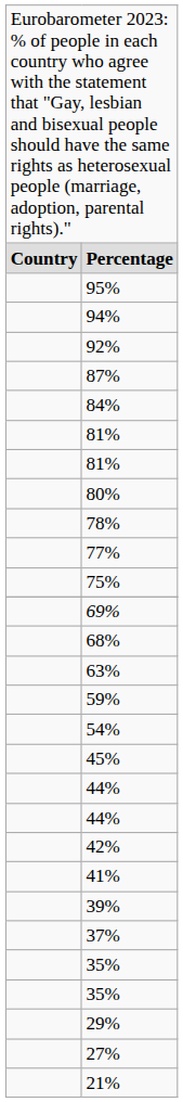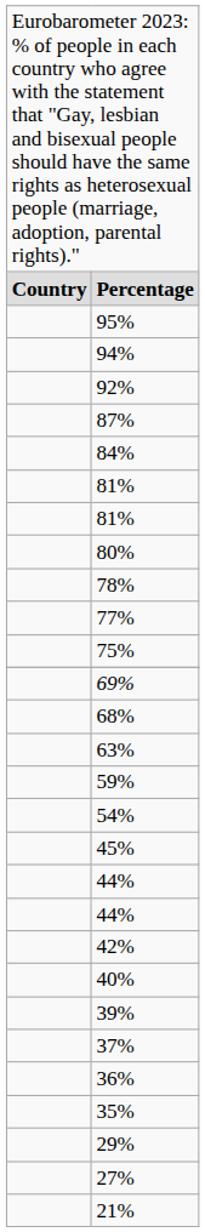 <table class="wikitable" style="float:right; clear:right; margin-left:1em">
 <tr>
 <td colspan="2" style="width:100px;">Eurobarometer 2023: % of people in each country who agree with the statement that "Gay, lesbian and bisexual people should have the same rights as heterosexual people (marriage, adoption, parental rights)."</td>
 </tr>
 <tr>
 <th style="background:#dedede;">Country</th>
 <th style="background:#dedede;">Percentage</th>
 </tr>
 <tr>
 <td></td>
 <td>95%</td>
 </tr>
 <tr>
 <td></td>
 <td>94%</td>
 </tr>
 <tr>
 <td></td>
 <td>92%</td>
 </tr>
 <tr>
 <td></td>
 <td>87%</td>
 </tr>
 <tr>
 <td></td>
 <td>84%</td>
 </tr>
 <tr>
 <td></td>
 <td>81%</td>
 </tr>
 <tr>
 <td></td>
 <td>81%</td>
 </tr>
 <tr>
 <td></td>
 <td>80%</td>
 </tr>
 <tr>
 <td></td>
 <td>78%</td>
 </tr>
 <tr>
 <td></td>
 <td>77%</td>
 </tr>
 <tr>
 <td></td>
 <td>75%</td>
 </tr>
 <tr>
 </tr>
 <tr style="font-style:italic;">
 <td></td>
 <td>69%</td>
 </tr>
 <tr>
 <td></td>
 <td>68%</td>
 </tr>
 <tr>
 <td></td>
 <td>63%</td>
 </tr>
 <tr>
 <td></td>
 <td>59%</td>
 </tr>
 <tr>
 <td></td>
 <td>54%</td>
 </tr>
 <tr>
 <td></td>
 <td>45%</td>
 </tr>
 <tr>
 <td></td>
 <td>44%</td>
 </tr>
 <tr>
 <td></td>
 <td>44%</td>
 </tr>
 <tr>
 <td></td>
 <td>42%</td>
 </tr>
 <tr>
 <td></td>
-<td>41%</td>
+<td>40%</td>
 </tr>
 <tr>
 <td></td>
 <td>39%</td>
 </tr>
 <tr>
 <td></td>
 <td>37%</td>
 </tr>
 <tr>
 <td></td>
-<td>35%</td>
+<td>36%</td>
 </tr>
 <tr>
 <td></td>
 <td>35%</td>
 </tr>
 <tr>
 <td></td>
 <td>29%</td>
 </tr>
 <tr>
 <td></td>
 <td>27%</td>
 </tr>
 <tr>
 <td></td>
 <td>21%</td>
 </tr>
 </table>
